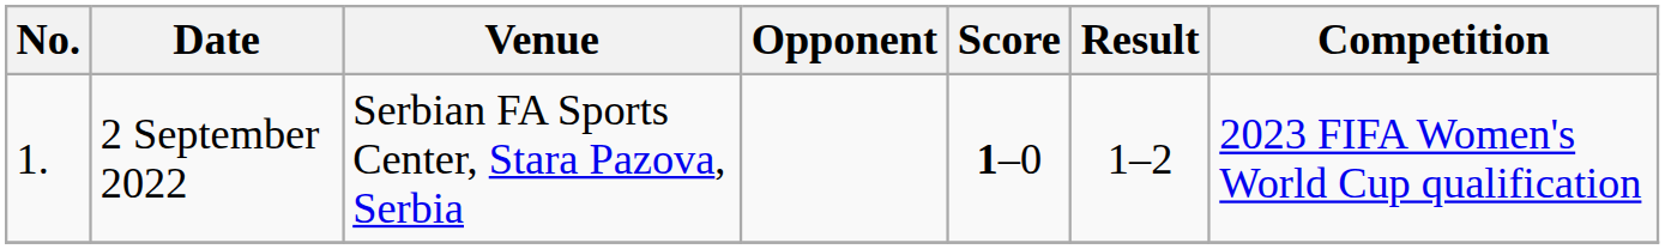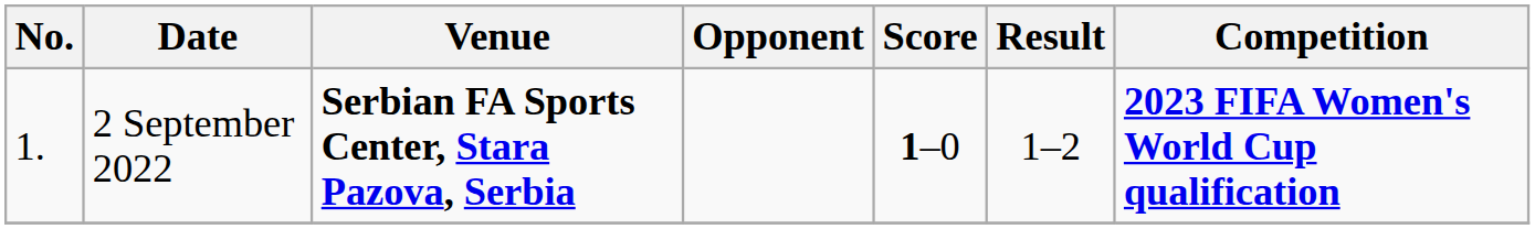 <table class="wikitable">
 <tr>
 <th>No.</th>
 <th>Date</th>
 <th>Venue</th>
 <th>Opponent</th>
 <th>Score</th>
 <th>Result</th>
 <th>Competition</th>
 </tr>
 <tr>
 <td>1.</td>
 <td>2 September 2022</td>
-<td>Serbian FA Sports Center, <a href='#'>Stara Pazova</a>, <a href='#'>Serbia</a></td>
+<td><strong>Serbian FA Sports Center, <a href='#'>Stara Pazova</a>, <a href='#'>Serbia</a></strong></td>
 <td></td>
 <td align=center><strong>1</strong>–0</td>
 <td align=center>1–2</td>
-<td><a href='#'>2023 FIFA Women's World Cup qualification</a></td>
+<td><strong><a href='#'>2023 FIFA Women's World Cup qualification</a></strong></td>
 </tr>
 <tr>
 </tr>
 </table>
